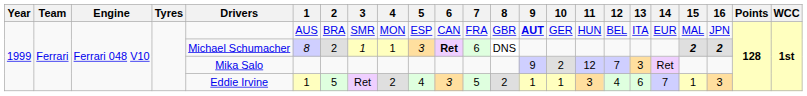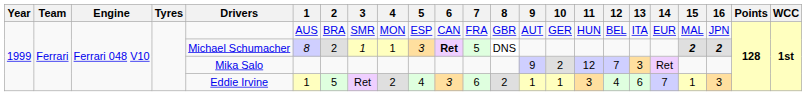 <table class="wikitable" style="text-align:center; font-size:95%">
 <tr>
 <th>Year</th>
 <th>Team</th>
 <th>Engine</th>
 <th>Tyres</th>
 <th>Drivers</th>
 <th>1</th>
 <th>2</th>
 <th>3</th>
 <th>4</th>
 <th>5</th>
 <th>6</th>
 <th>7</th>
 <th>8</th>
 <th>9</th>
 <th>10</th>
 <th>11</th>
 <th>12</th>
 <th>13</th>
 <th>14</th>
 <th>15</th>
 <th>16</th>
 <th>Points</th>
 <th>WCC</th>
 </tr>
 <tr>
 <td rowspan="4"><a href='#'>1999</a></td>
 <td rowspan="4"><a href='#'>Ferrari</a></td>
 <td rowspan="4"><a href='#'>Ferrari 048</a> <a href='#'>V10</a></td>
 <td rowspan="4"></td>
 <td></td>
 <td><a href='#'>AUS</a></td>
 <td><a href='#'>BRA</a></td>
 <td><a href='#'>SMR</a></td>
 <td><a href='#'>MON</a></td>
 <td><a href='#'>ESP</a></td>
 <td><a href='#'>CAN</a></td>
 <td><a href='#'>FRA</a></td>
 <td><a href='#'>GBR</a></td>
-<td><strong><a href='#'>AUT</a></strong></td>
+<td><a href='#'>AUT</a></td>
 <td><a href='#'>GER</a></td>
 <td><a href='#'>HUN</a></td>
 <td><a href='#'>BEL</a></td>
 <td><a href='#'>ITA</a></td>
 <td><a href='#'>EUR</a></td>
 <td><a href='#'>MAL</a></td>
 <td><a href='#'>JPN</a></td>
 <td rowspan="4" style="background:#FFFFBF;"><strong>128</strong></td>
 <td rowspan="4" style="background:#FFFFBF;"><strong>1st</strong></td>
 </tr>
 <tr>
 <td><a href='#'>Michael Schumacher</a></td>
 <td style="background:#CFCFFF;"><em>8</em></td>
 <td style="background:#DFDFDF;">2</td>
 <td style="background:#FFFFBF;"><em>1</em></td>
 <td style="background:#FFFFBF;">1</td>
 <td style="background:#FFDF9F;"><em>3</em></td>
 <td style="background:#EFCFFF;"><strong>Ret</strong></td>
-<td style="background:#DFFFDF;">6</td>
+<td style="background:#DFFFDF;">5</td>
 <td style="background:#FFFFFF;">DNS</td>
 <td></td>
 <td></td>
 <td></td>
 <td></td>
 <td></td>
 <td></td>
 <td style="background:#DFDFDF;"><strong><em>2</em></strong></td>
 <td style="background:#DFDFDF;"><strong><em>2</em></strong></td>
 </tr>
 <tr>
 <td><a href='#'>Mika Salo</a></td>
 <td></td>
 <td></td>
 <td></td>
 <td></td>
 <td></td>
 <td></td>
 <td></td>
 <td></td>
 <td style="background:#CFCFFF;">9</td>
 <td style="background:#DFDFDF;">2</td>
 <td style="background:#CFCFFF;">12</td>
 <td style="background:#CFCFFF;">7</td>
 <td style="background:#FFDF9F;">3</td>
 <td style="background:#EFCFFF;">Ret</td>
 <td></td>
 <td></td>
 </tr>
 <tr>
 <td><a href='#'>Eddie Irvine</a></td>
 <td style="background:#FFFFBF;">1</td>
 <td style="background:#DFFFDF;">5</td>
 <td style="background:#EFCFFF;">Ret</td>
 <td style="background:#DFDFDF;">2</td>
 <td style="background:#DFFFDF;">4</td>
 <td style="background:#FFDF9F;"><em>3</em></td>
-<td style="background:#DFFFDF;">5</td>
+<td style="background:#DFFFDF;">6</td>
 <td style="background:#DFDFDF;">2</td>
 <td style="background:#FFFFBF;">1</td>
 <td style="background:#FFFFBF;">1</td>
 <td style="background:#FFDF9F;">3</td>
 <td style="background:#DFFFDF;">4</td>
 <td style="background:#DFFFDF;">6</td>
 <td style="background:#CFCFFF;">7</td>
 <td style="background:#FFFFBF;">1</td>
 <td style="background:#FFDF9F;">3</td>
 </tr>
 </table>
